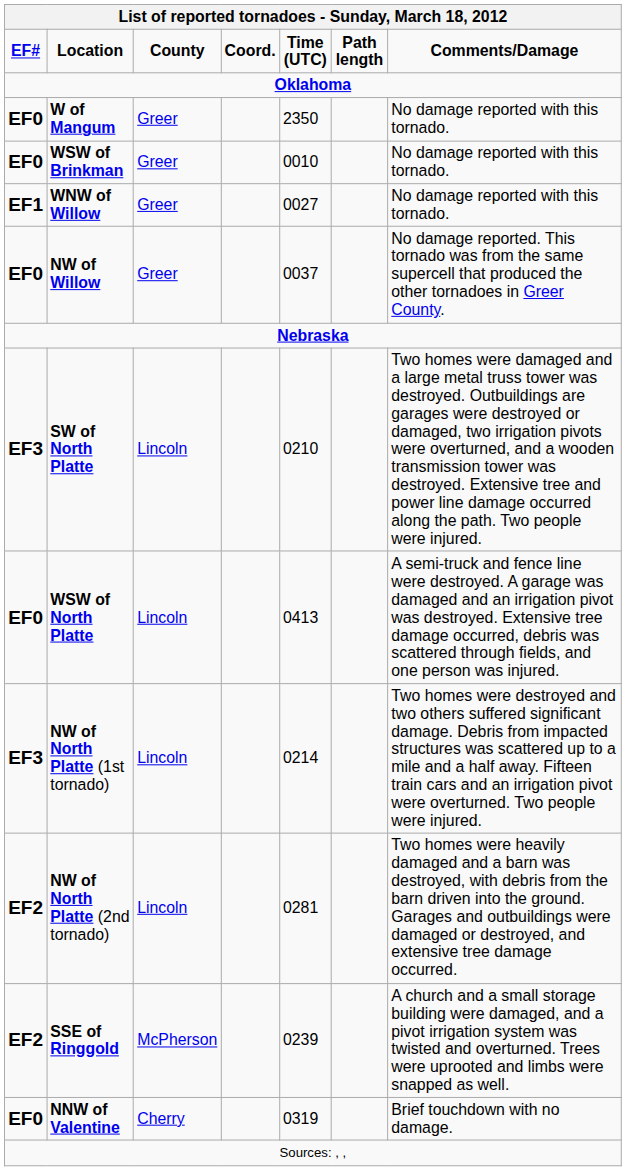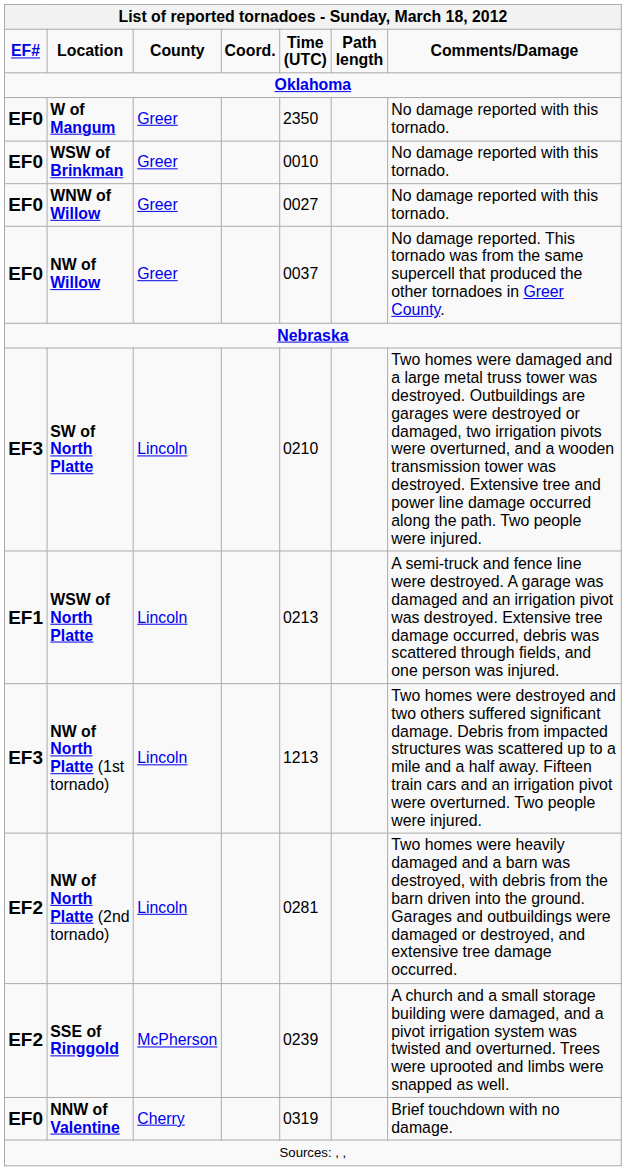 <table class="wikitable collapsible" width="100%">
 <tr>
 <th colspan="7">List of reported tornadoes - Sunday, March 18, 2012</th>
 </tr>
 <tr style="text-align:center;">
 <td><strong><a href='#'>EF#</a></strong></td>
 <td><strong>Location</strong></td>
 <td><strong>County</strong></td>
 <td><strong>Coord.</strong></td>
 <td><strong>Time (UTC)</strong></td>
 <td><strong>Path length</strong></td>
 <td><strong>Comments/Damage</strong></td>
 </tr>
 <tr>
 <td colspan="7" align=center><strong><a href='#'>Oklahoma</a></strong></td>
 </tr>
 <tr>
 <td><big><strong>EF0</strong></big></td>
 <td><strong>W of <a href='#'>Mangum</a></strong></td>
 <td><a href='#'>Greer</a></td>
 <td></td>
 <td>2350</td>
 <td></td>
 <td>No damage reported with this tornado.</td>
 </tr>
 <tr>
 <td><big><strong>EF0</strong></big></td>
 <td><strong>WSW of <a href='#'>Brinkman</a></strong></td>
 <td><a href='#'>Greer</a></td>
 <td></td>
 <td>0010</td>
 <td></td>
 <td>No damage reported with this tornado.</td>
 </tr>
 <tr>
-<td><big><strong>EF1</strong></big></td>
+<td><big><strong>EF0</strong></big></td>
 <td><strong>WNW of <a href='#'>Willow</a></strong></td>
 <td><a href='#'>Greer</a></td>
 <td></td>
 <td>0027</td>
 <td></td>
 <td>No damage reported with this tornado.</td>
 </tr>
 <tr>
 <td><big><strong>EF0</strong></big></td>
 <td><strong>NW of <a href='#'>Willow</a></strong></td>
 <td><a href='#'>Greer</a></td>
 <td></td>
 <td>0037</td>
 <td></td>
 <td>No damage reported. This tornado was from the same supercell that produced the other tornadoes in <a href='#'>Greer County</a>.</td>
 </tr>
 <tr>
 <td colspan="7" align=center><strong><a href='#'>Nebraska</a></strong></td>
 </tr>
 <tr>
 <td><big><strong>EF3</strong></big></td>
 <td><strong>SW of <a href='#'>North Platte</a></strong></td>
 <td><a href='#'>Lincoln</a></td>
 <td></td>
 <td>0210</td>
 <td></td>
 <td>Two homes were damaged and a large metal truss tower was destroyed. Outbuildings are garages were destroyed or damaged, two irrigation pivots were overturned, and a wooden transmission tower was destroyed. Extensive tree and power line damage occurred along the path. Two people were injured.</td>
 </tr>
 <tr>
-<td><big><strong>EF0</strong></big></td>
+<td><big><strong>EF1</strong></big></td>
 <td><strong>WSW of <a href='#'>North Platte</a></strong></td>
 <td><a href='#'>Lincoln</a></td>
 <td></td>
-<td>0413</td>
+<td>0213</td>
 <td></td>
 <td>A semi-truck and fence line were destroyed. A garage was damaged and an irrigation pivot was destroyed. Extensive tree damage occurred, debris was scattered through fields, and one person was injured.</td>
 </tr>
 <tr>
 <td><big><strong>EF3</strong></big></td>
 <td><strong>NW of <a href='#'>North Platte</a></strong> (1st tornado)</td>
 <td><a href='#'>Lincoln</a></td>
 <td></td>
-<td>0214</td>
+<td>1213</td>
 <td></td>
 <td>Two homes were destroyed and two others suffered significant damage. Debris from impacted structures was scattered up to a mile and a half away. Fifteen train cars and an irrigation pivot were overturned. Two people were injured.</td>
 </tr>
 <tr>
 <td><big><strong>EF2</strong></big></td>
 <td><strong>NW of <a href='#'>North Platte</a></strong> (2nd tornado)</td>
 <td><a href='#'>Lincoln</a></td>
 <td></td>
 <td>0281</td>
 <td></td>
 <td>Two homes were heavily damaged and a barn was destroyed, with debris from the barn driven into the ground. Garages and outbuildings were damaged or destroyed, and extensive tree damage occurred.</td>
 </tr>
 <tr>
 <td><big><strong>EF2</strong></big></td>
 <td><strong>SSE of <a href='#'>Ringgold</a></strong></td>
 <td><a href='#'>McPherson</a></td>
 <td></td>
 <td>0239</td>
 <td></td>
 <td>A church and a small storage building were damaged, and a pivot irrigation system was twisted and overturned. Trees were uprooted and limbs were snapped as well.</td>
 </tr>
 <tr>
 <td><big><strong>EF0</strong></big></td>
 <td><strong>NNW of <a href='#'>Valentine</a></strong></td>
 <td><a href='#'>Cherry</a></td>
 <td></td>
 <td>0319</td>
 <td></td>
 <td>Brief touchdown with no damage.</td>
 </tr>
 <tr>
 <td colspan="7" align=center><small>Sources: , , </small></td>
 </tr>
 </table>
